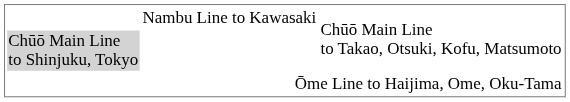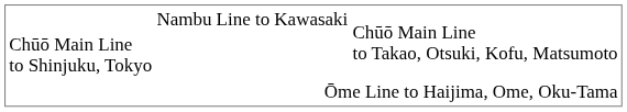 <table style="border:1px solid grey;">
 <tr>
 <td></td>
 <td align=left>Nambu Line to Kawasaki</td>
 <td rowspan=2 valign=middle>Chūō Main Line<br>to Takao, Otsuki, Kofu, Matsumoto</td>
 </tr>
 <tr>
-<td valign=middle style="background: lightgrey;">Chūō Main Line<br>to Shinjuku, Tokyo</td>
+<td valign=middle>Chūō Main Line<br>to Shinjuku, Tokyo</td>
 <td></td>
 </tr>
 <tr>
 <td></td>
 <td colspan=2 align=right>Ōme Line to Haijima, Ome, Oku-Tama</td>
 </tr>
 </table>
